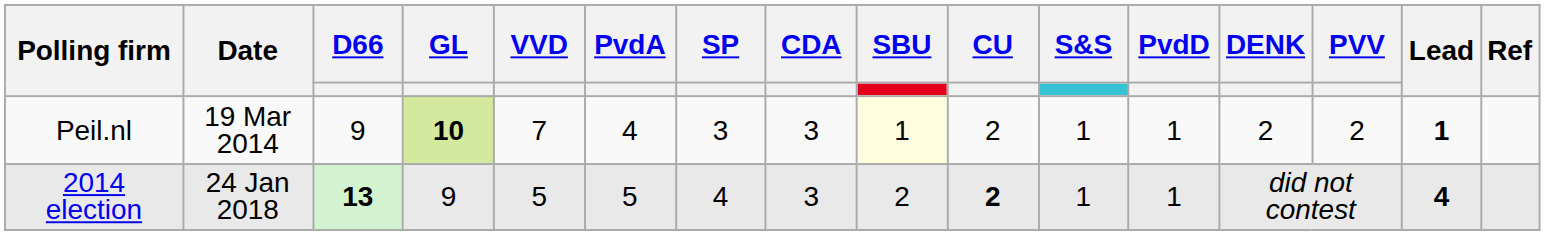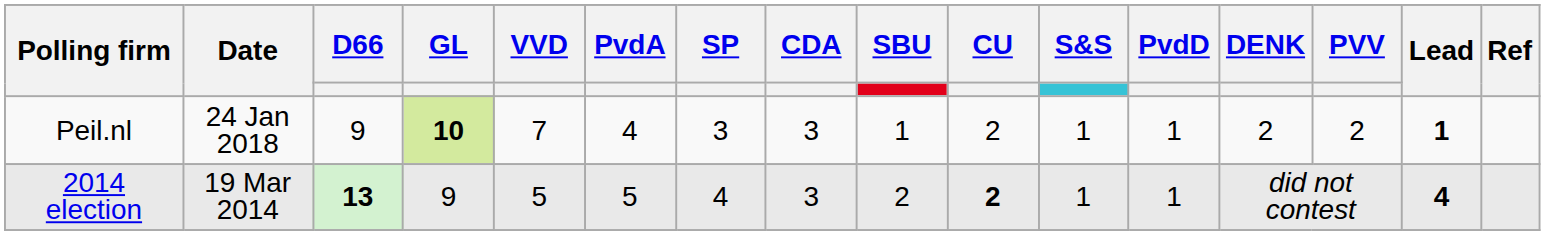 <table class="wikitable sortable" style="text-align:center;font-size:90%;line-height:14px;">
 <tr style="height:40px;">
 <th style="width:85px;" rowspan="2">Polling firm</th>
 <th style="width:60px;" rowspan="2">Date</th>
 <th class="unsortable" style="width:40px;"><a href='#'>D66</a></th>
 <th class="unsortable" style="width:40px;"><a href='#'>GL</a></th>
 <th class="unsortable" style="width:40px;"><a href='#'>VVD</a></th>
 <th class="unsortable" style="width:40px;"><a href='#'>PvdA</a></th>
 <th class="unsortable" style="width:40px;"><a href='#'>SP</a></th>
 <th class="unsortable" style="width:40px;"><a href='#'>CDA</a></th>
 <th class="unsortable" style="width:40px;"><a href='#'>SBU</a></th>
 <th class="unsortable" style="width:40px;"><a href='#'>CU</a></th>
 <th class="unsortable" style="width:40px;"><a href='#'>S&S</a></th>
 <th class="unsortable" style="width:40px;"><a href='#'>PvdD</a></th>
 <th class="unsortable" style="width:40px;"><a href='#'>DENK</a></th>
 <th class="unsortable" style="width:40px;"><a href='#'>PVV</a></th>
 <th style="width:30px;" rowspan="2">Lead</th>
 <th class="unsortable" rowspan="2">Ref</th>
 </tr>
 <tr>
 <th style="background:"></th>
 <th style="background:"></th>
 <th style="background:"></th>
 <th style="background:"></th>
 <th style="background:"></th>
 <th style="background:"></th>
 <th style="background:#e2001a;"></th>
 <th style="background:"></th>
 <th style="background:#36c3d6;"></th>
 <th style="background:"></th>
 <th style="background:"></th>
 <th style="background:"></th>
 </tr>
 <tr>
 <td>Peil.nl</td>
-<td>19 Mar 2014</td>
+<td>24 Jan 2018</td>
 <td>9</td>
 <td style="background:#d3ea9e"><strong>10</strong></td>
 <td>7</td>
 <td>4</td>
 <td>3</td>
 <td>3</td>
-<td style="background: lightyellow;">1</td>
+<td>1</td>
 <td>2</td>
 <td>1</td>
 <td>1</td>
 <td>2</td>
 <td>2</td>
 <td style="background:"><strong>1</strong></td>
 <td></td>
 </tr>
 <tr style="background-color:#E9E9E9">
 <td><a href='#'>2014 election</a></td>
-<td>24 Jan 2018</td>
+<td>19 Mar 2014</td>
 <td style="background:#D3F2D0"><strong>13</strong></td>
 <td>9</td>
 <td>5</td>
 <td>5</td>
 <td>4</td>
 <td>3</td>
 <td>2</td>
 <td><strong>2</strong></td>
 <td>1</td>
 <td>1</td>
 <td colspan=2><em>did not contest</em></td>
 <td style="background:"><strong>4</strong></td>
 <td></td>
 </tr>
 </table>
